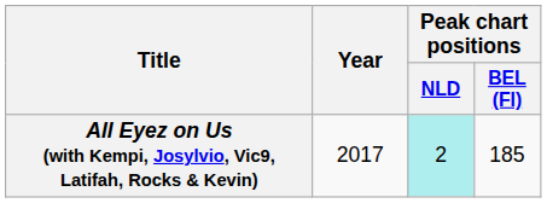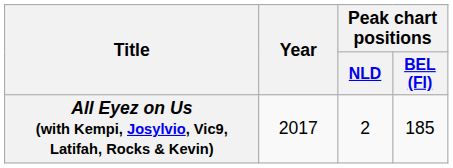 <table class="wikitable plainrowheaders" style="text-align:center;">
 <tr>
 <th scope="col" rowspan="2" style="width:14em;">Title</th>
 <th scope="col" rowspan="2" style="width:4em;">Year</th>
 <th scope="col" colspan="2">Peak chart positions</th>
 </tr>
 <tr>
 <th scope="col" style="width:3em;font-size:90%;"><a href='#'>NLD</a><br></th>
 <th scope="col" style="width:3em;font-size:90%;"><a href='#'>BEL<br>(Fl)</a><br></th>
 </tr>
 <tr>
 <th scope="row"><em>All Eyez on Us</em><br><small>(with Kempi, <a href='#'>Josylvio</a>, Vic9, Latifah, Rocks & Kevin)</small></th>
 <td>2017</td>
-<td style="background: paleturquoise;">2</td>
+<td>2</td>
 <td>185</td>
 </tr>
 </table>
